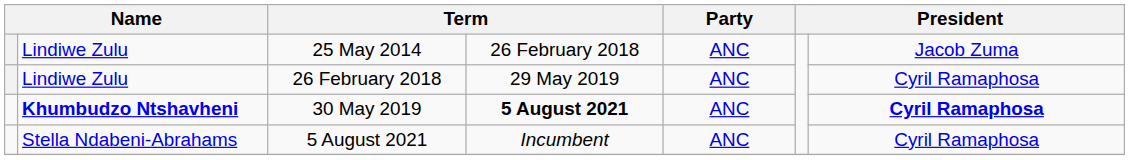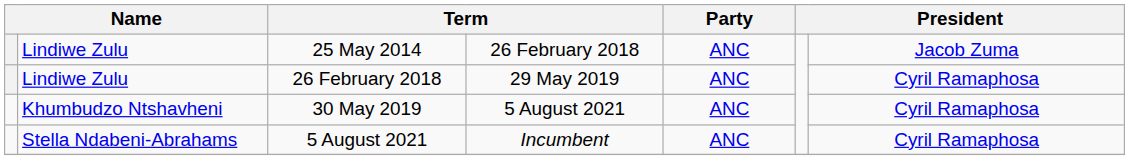 <table class="wikitable" width=60%>
 <tr>
 <th colspan=2 width=20%>Name</th>
 <th colspan=2 width=30%>Term</th>
 <th width=10%>Party</th>
 <th colspan=2 width=25%>President</th>
 </tr>
 <tr style="text-align:center">
 <th style="width:1%;background-color: "></th>
 <td align=left><a href='#'>Lindiwe Zulu</a></td>
 <td>25 May 2014</td>
 <td>26 February 2018</td>
 <td><a href='#'>ANC</a></td>
 <td rowspan=4 style="width:1%;background-color: "></td>
 <td><a href='#'>Jacob Zuma</a><br> </td>
 </tr>
 <tr style="text-align:center">
 <th style="width:1%;background-color: "></th>
 <td align=left><a href='#'>Lindiwe Zulu</a></td>
 <td>26 February 2018</td>
 <td>29 May 2019</td>
 <td><a href='#'>ANC</a></td>
 <td><a href='#'>Cyril Ramaphosa</a><br> </td>
 </tr>
 <tr style="text-align:center">
 <td style="width:1%;background-color: "></td>
-<td align=left><strong><a href='#'>Khumbudzo Ntshavheni</a></strong></td>
+<td align=left><a href='#'>Khumbudzo Ntshavheni</a></td>
 <td>30 May 2019</td>
-<td><strong>5 August 2021</strong></td>
+<td>5 August 2021</td>
 <td><a href='#'>ANC</a></td>
-<td><strong><a href='#'>Cyril Ramaphosa</a><br> </strong></td>
+<td><a href='#'>Cyril Ramaphosa</a><br> </td>
 </tr>
 <tr style="text-align:center">
 <td style="width:1%;background-color: "></td>
 <td align=left><a href='#'>Stella Ndabeni-Abrahams</a></td>
 <td>5 August 2021</td>
 <td><em>Incumbent</em></td>
 <td><a href='#'>ANC</a></td>
 <td><a href='#'>Cyril Ramaphosa</a><br> </td>
 </tr>
 <tr>
 </tr>
 </table>
